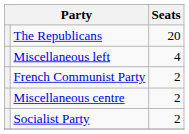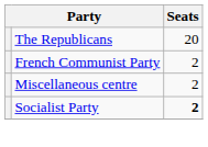 <table class=wikitable>
 <tr>
 <th colspan=2>Party</th>
 <th>Seats</th>
 </tr>
 <tr>
 <th style="background-color: "></th>
 <td><a href='#'>The Republicans</a></td>
 <td align="right">20</td>
-</tr>
-<tr>
-<th style="background-color: "></th>
-<td><a href='#'>Miscellaneous left</a></td>
-<td align="right">4</td>
 </tr>
 <tr>
 <th style="background-color: "></th>
 <td><a href='#'>French Communist Party</a></td>
 <td align="right">2</td>
 </tr>
 <tr>
 <th style="background-color: "></th>
 <td><a href='#'>Miscellaneous centre</a></td>
 <td align="right">2</td>
 </tr>
 <tr>
 <th style="background-color: "></th>
 <td><a href='#'>Socialist Party</a></td>
-<td align="right">2</td>
+<td align="right"><strong>2</strong></td>
 </tr>
 <tr>
 </tr>
 </table>
